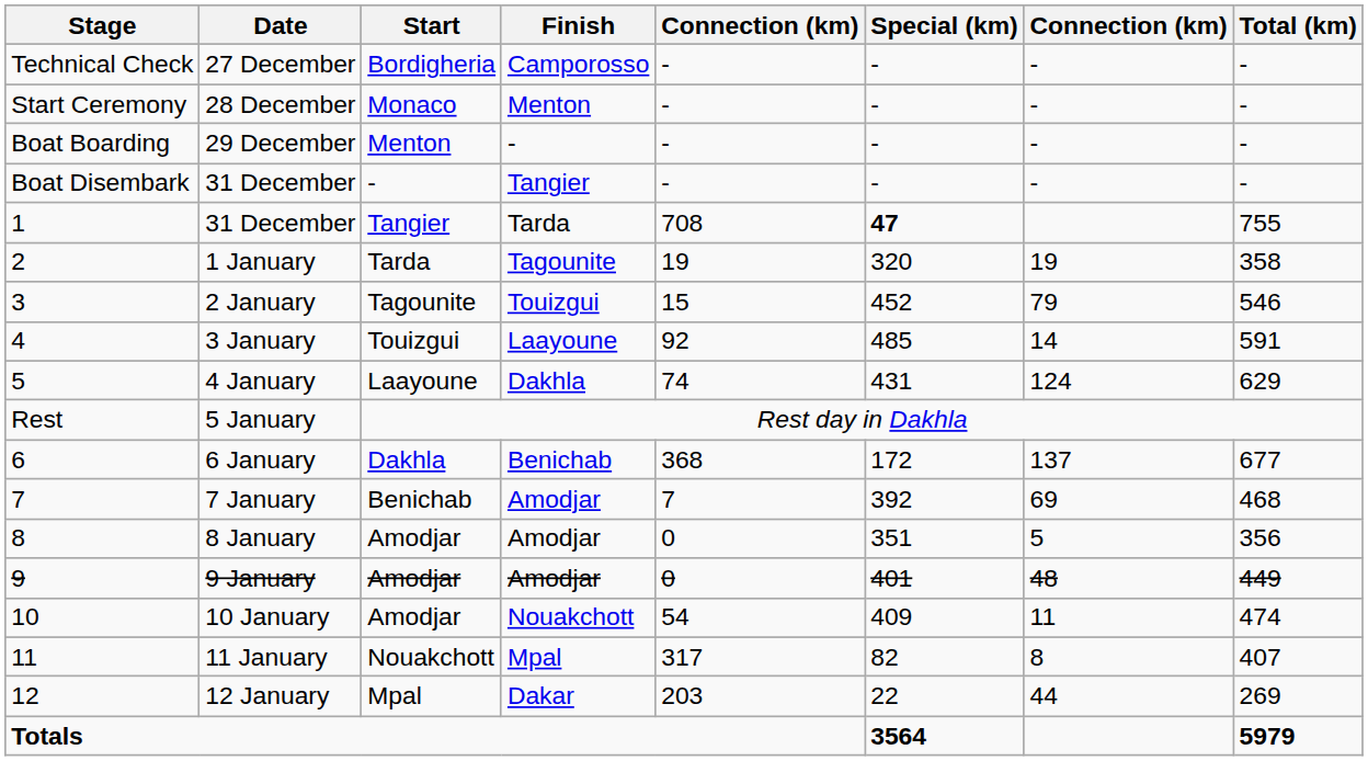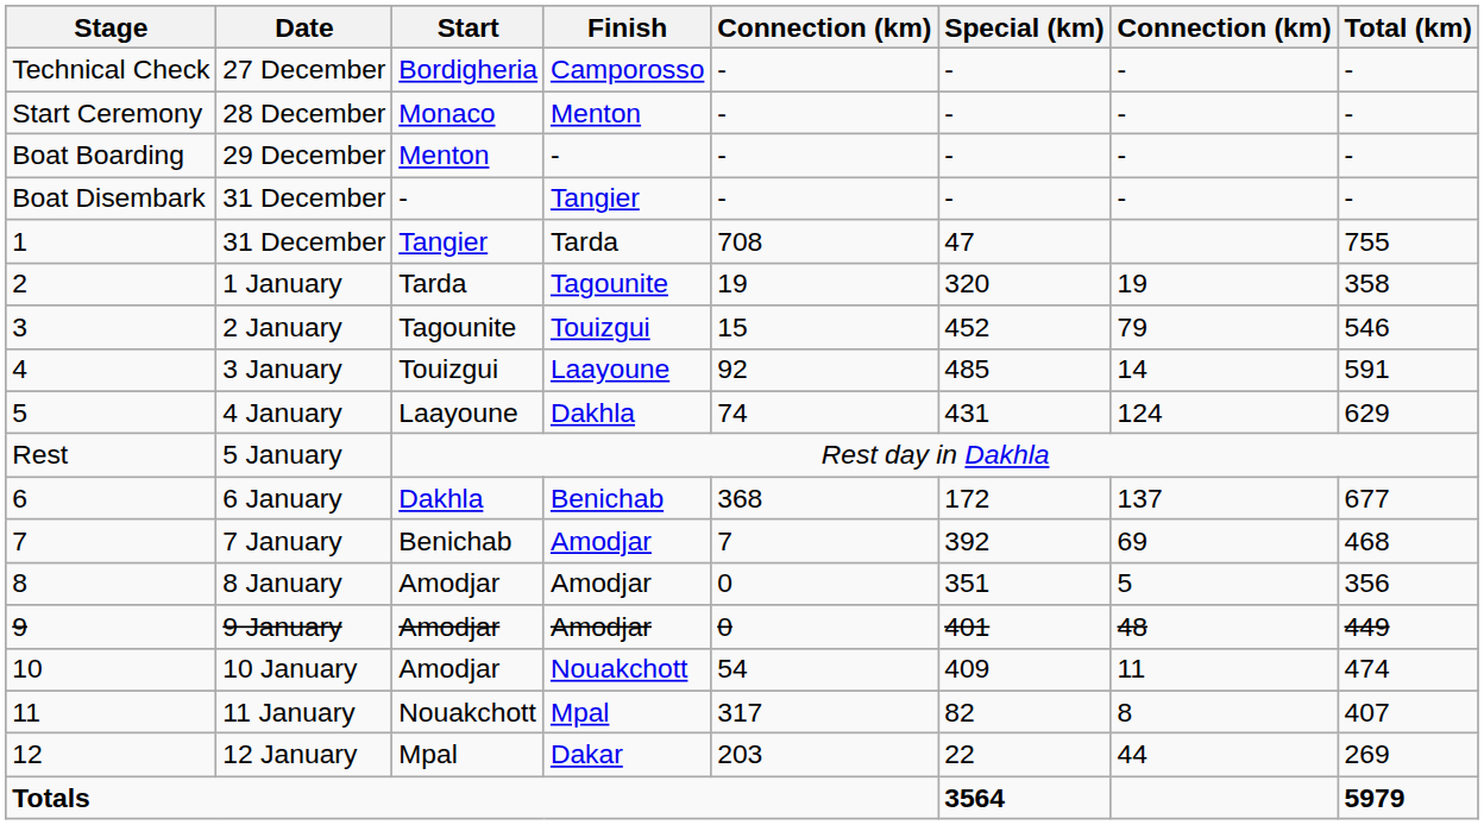 <table class="wikitable" style="font-size:85%">
 <tr>
 <th>Stage</th>
 <th>Date</th>
 <th>Start</th>
 <th>Finish</th>
 <th>Connection (km)</th>
 <th>Special (km)</th>
 <th>Connection (km)</th>
 <th>Total (km)</th>
 </tr>
 <tr>
 <td>Technical Check</td>
 <td>27 December</td>
 <td>  <a href='#'>Bordigheria</a></td>
 <td>  <a href='#'>Camporosso</a></td>
 <td>-</td>
 <td>-</td>
 <td>-</td>
 <td>-</td>
 </tr>
 <tr>
 <td>Start Ceremony</td>
 <td>28 December</td>
 <td> <a href='#'>Monaco</a></td>
 <td> <a href='#'>Menton</a></td>
 <td>-</td>
 <td>-</td>
 <td>-</td>
 <td>-</td>
 </tr>
 <tr>
 <td>Boat Boarding</td>
 <td>29 December</td>
 <td> <a href='#'>Menton</a></td>
 <td>-</td>
 <td>-</td>
 <td>-</td>
 <td>-</td>
 <td>-</td>
 </tr>
 <tr>
 <td>Boat Disembark</td>
 <td>31 December</td>
 <td>-</td>
 <td> <a href='#'>Tangier</a></td>
 <td>-</td>
 <td>-</td>
 <td>-</td>
 <td>-</td>
 </tr>
 <tr>
 <td>1</td>
 <td>31 December</td>
 <td> <a href='#'>Tangier</a></td>
 <td> Tarda</td>
 <td>708</td>
-<td><strong>47</strong></td>
+<td>47</td>
 <td></td>
 <td>755</td>
 </tr>
 <tr>
 <td>2</td>
 <td>1 January</td>
 <td> Tarda</td>
 <td> <a href='#'>Tagounite</a></td>
 <td>19</td>
 <td>320</td>
 <td>19</td>
 <td>358</td>
 </tr>
 <tr>
 <td>3</td>
 <td>2 January</td>
 <td> Tagounite</td>
 <td> <a href='#'>Touizgui</a></td>
 <td>15</td>
 <td>452</td>
 <td>79</td>
 <td>546</td>
 </tr>
 <tr>
 <td>4</td>
 <td>3 January</td>
 <td> Touizgui</td>
 <td> <a href='#'>Laayoune</a></td>
 <td>92</td>
 <td>485</td>
 <td>14</td>
 <td>591</td>
 </tr>
 <tr>
 <td>5</td>
 <td>4 January</td>
 <td> Laayoune</td>
 <td> <a href='#'>Dakhla</a></td>
 <td>74</td>
 <td>431</td>
 <td>124</td>
 <td>629</td>
 </tr>
 <tr>
 <td>Rest</td>
 <td>5 January</td>
 <td colspan="6" style="text-align:center;"><em>Rest day in  <a href='#'>Dakhla</a></em></td>
 </tr>
 <tr>
 <td>6</td>
 <td>6 January</td>
 <td> <a href='#'>Dakhla</a></td>
 <td> <a href='#'>Benichab</a></td>
 <td>368</td>
 <td>172</td>
 <td>137</td>
 <td>677</td>
 </tr>
 <tr>
 <td>7</td>
 <td>7 January</td>
 <td> Benichab</td>
 <td> <a href='#'>Amodjar</a></td>
 <td>7</td>
 <td>392</td>
 <td>69</td>
 <td>468</td>
 </tr>
 <tr>
 <td>8</td>
 <td>8 January</td>
 <td> Amodjar</td>
 <td> Amodjar</td>
 <td>0</td>
 <td>351</td>
 <td>5</td>
 <td>356</td>
 </tr>
 <tr>
 <td><s>9</s></td>
 <td><s>9 January</s></td>
 <td><s> Amodjar</s></td>
 <td><s> Amodjar</s></td>
 <td><s>0</s></td>
 <td><s>401</s></td>
 <td><s>48</s></td>
 <td><s>449</s></td>
 </tr>
 <tr>
 <td>10</td>
 <td>10 January</td>
 <td> Amodjar</td>
 <td> <a href='#'>Nouakchott</a></td>
 <td>54</td>
 <td>409</td>
 <td>11</td>
 <td>474</td>
 </tr>
 <tr>
 <td>11</td>
 <td>11 January</td>
 <td> Nouakchott</td>
 <td> <a href='#'>Mpal</a></td>
 <td>317</td>
 <td>82</td>
 <td>8</td>
 <td>407</td>
 </tr>
 <tr>
 <td>12</td>
 <td>12 January</td>
 <td> Mpal</td>
 <td> <a href='#'>Dakar</a></td>
 <td>203</td>
 <td>22</td>
 <td>44</td>
 <td>269</td>
 </tr>
 <tr>
 <td colspan="5"><strong>Totals</strong></td>
 <td><strong>3564</strong></td>
 <td></td>
 <td><strong>5979</strong></td>
 </tr>
 </table>
